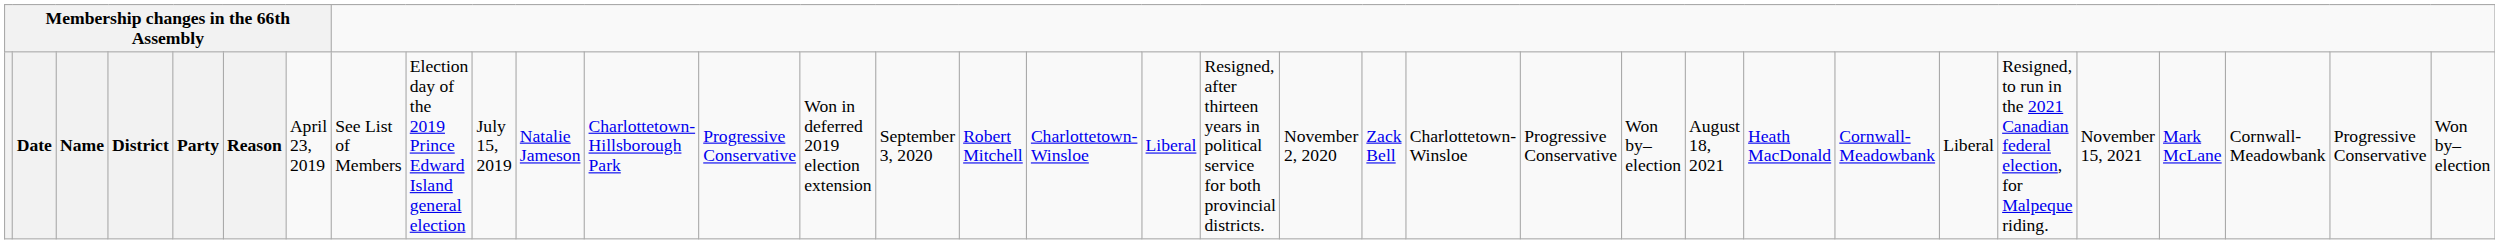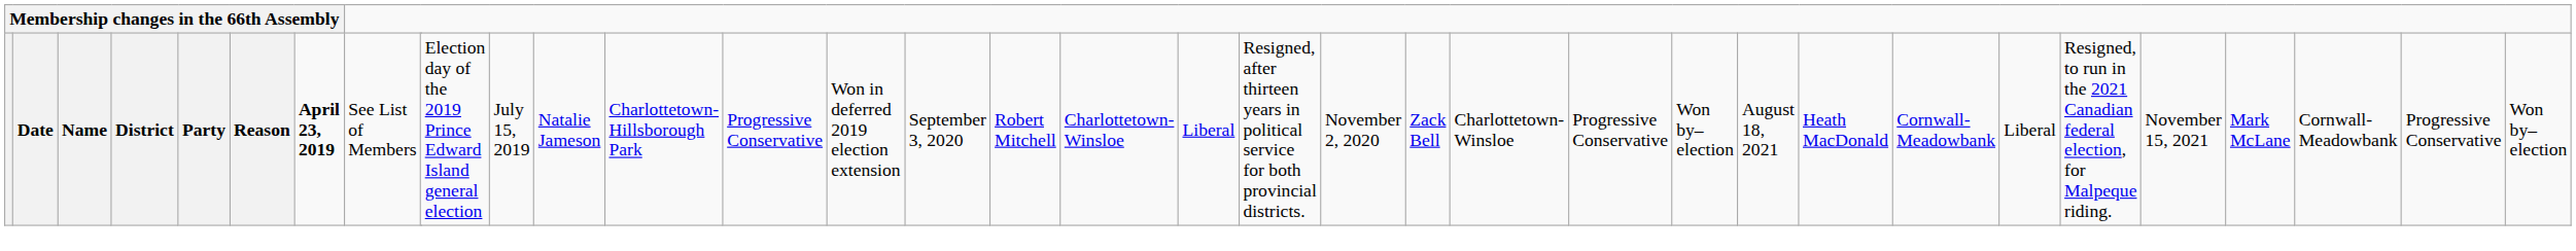 <table class="wikitable">
 <tr>
 <th colspan=7>Membership changes in the 66th Assembly</th>
 </tr>
 <tr>
 <th></th>
 <th>Date</th>
 <th>Name</th>
 <th>District</th>
 <th>Party</th>
 <th>Reason<br></th>
-<td>April 23, 2019</td>
+<td><strong>April 23, 2019</strong></td>
 <td colspan=3>See List of Members</td>
 <td>Election day of the <a href='#'>2019 Prince Edward Island general election</a><br></td>
 <td>July 15, 2019</td>
 <td><a href='#'>Natalie Jameson</a></td>
 <td><a href='#'>Charlottetown-Hillsborough Park</a></td>
 <td><a href='#'>Progressive Conservative</a></td>
 <td>Won in deferred 2019 election extension<br></td>
 <td>September 3, 2020</td>
 <td><a href='#'>Robert Mitchell</a></td>
 <td><a href='#'>Charlottetown-Winsloe</a></td>
 <td><a href='#'>Liberal</a></td>
 <td>Resigned, after thirteen years in political service for both provincial districts.<br></td>
 <td>November 2, 2020</td>
 <td><a href='#'>Zack Bell</a></td>
 <td>Charlottetown-Winsloe</td>
 <td>Progressive Conservative</td>
 <td>Won by–election<br></td>
 <td>August 18, 2021</td>
 <td><a href='#'>Heath MacDonald</a></td>
 <td><a href='#'>Cornwall-Meadowbank</a></td>
 <td>Liberal</td>
 <td>Resigned, to run in the <a href='#'>2021 Canadian federal election</a>, for <a href='#'>Malpeque</a> riding.<br></td>
 <td>November 15, 2021</td>
 <td><a href='#'>Mark McLane</a></td>
 <td>Cornwall-Meadowbank</td>
 <td>Progressive Conservative</td>
 <td>Won by–election</td>
 </tr>
 </table>
